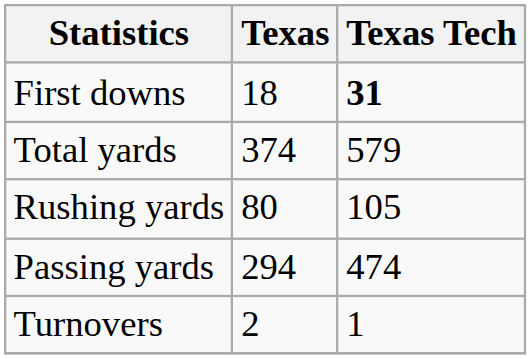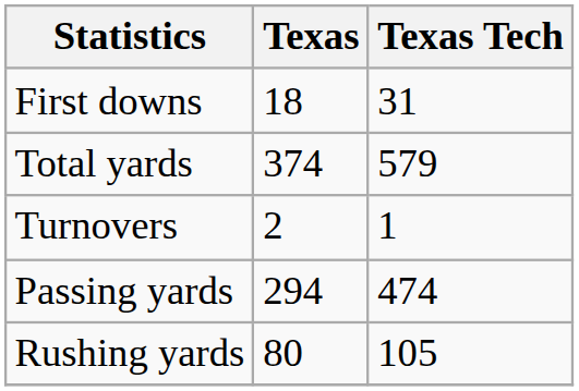 <table class="wikitable">
 <tr>
 <th>Statistics</th>
 <th>Texas</th>
 <th>Texas Tech</th>
 </tr>
 <tr>
 <td>First downs</td>
 <td>18</td>
-<td><strong>31</strong></td>
+<td>31</td>
 </tr>
 <tr>
 <td>Total yards</td>
 <td>374</td>
 <td>579</td>
 </tr>
 <tr>
-<td>Rushing yards</td>
-<td>80</td>
-<td>105</td>
+<td>Turnovers</td>
+<td>2</td>
+<td>1</td>
 </tr>
 <tr>
 <td>Passing yards</td>
 <td>294</td>
 <td>474</td>
 </tr>
 <tr>
-<td>Turnovers</td>
-<td>2</td>
-<td>1</td>
+<td>Rushing yards</td>
+<td>80</td>
+<td>105</td>
 </tr>
 <tr>
 </tr>
 </table>
